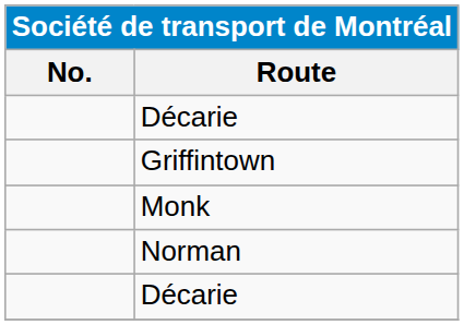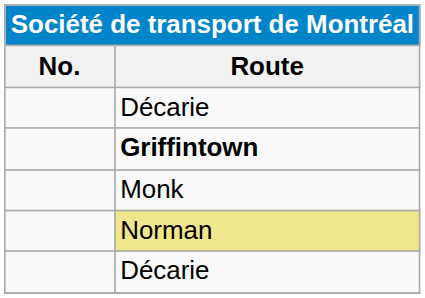 <table align=center class="wikitable">
 <tr>
 <th style="background: #0085CA; font-size:100%; color:#FFFFFF;"colspan="4">Société de transport de Montréal</th>
 </tr>
 <tr>
 <th>No.</th>
 <th>Route</th>
 </tr>
 <tr>
 <td></td>
 <td>Décarie</td>
 </tr>
 <tr>
 <td></td>
-<td>Griffintown</td>
+<td><strong>Griffintown</strong></td>
 </tr>
 <tr>
 <td></td>
 <td>Monk</td>
 </tr>
 <tr>
 <td></td>
-<td>Norman</td>
+<td style="background: khaki;">Norman</td>
 </tr>
 <tr>
 <td {{Avoid wrap> </td>
 <td>Décarie</td>
 </tr>
 <tr>
 </tr>
 </table>
